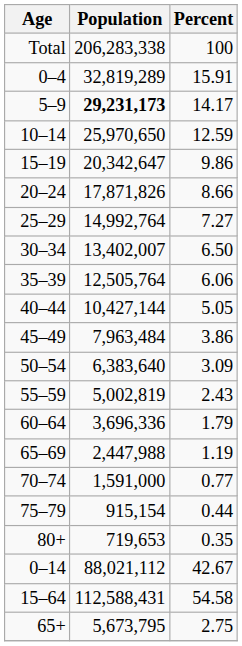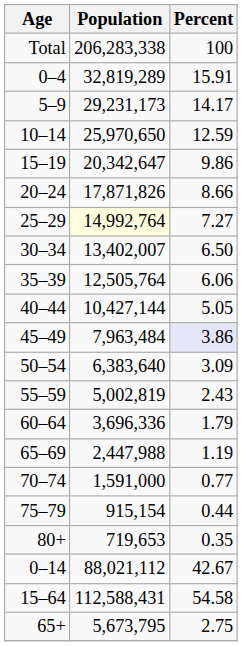 <table class="wikitable sortable">
 <tr>
 <th width="50">Age</th>
 <th width="80">Population</th>
 <th width="50">Percent</th>
 </tr>
 <tr>
 <td align="right">Total</td>
 <td align="right">206,283,338</td>
 <td align="right">100</td>
 </tr>
 <tr>
 <td align="right">0–4</td>
 <td align="right">32,819,289</td>
 <td align="right">15.91</td>
 </tr>
 <tr>
 <td align="right">5–9</td>
-<td align="right"><strong>29,231,173</strong></td>
+<td align="right">29,231,173</td>
 <td align="right">14.17</td>
 </tr>
 <tr>
 <td align="right">10–14</td>
 <td align="right">25,970,650</td>
 <td align="right">12.59</td>
 </tr>
 <tr>
 <td align="right">15–19</td>
 <td align="right">20,342,647</td>
 <td align="right">9.86</td>
 </tr>
 <tr>
 <td align="right">20–24</td>
 <td align="right">17,871,826</td>
 <td align="right">8.66</td>
 </tr>
 <tr>
 <td align="right">25–29</td>
-<td align="right">14,992,764</td>
+<td align="right" style="background: lightyellow;">14,992,764</td>
 <td align="right">7.27</td>
 </tr>
 <tr>
 <td align="right">30–34</td>
 <td align="right">13,402,007</td>
 <td align="right">6.50</td>
 </tr>
 <tr>
 <td align="right">35–39</td>
 <td align="right">12,505,764</td>
 <td align="right">6.06</td>
 </tr>
 <tr>
 <td align="right">40–44</td>
 <td align="right">10,427,144</td>
 <td align="right">5.05</td>
 </tr>
 <tr>
 <td align="right">45–49</td>
 <td align="right">7,963,484</td>
-<td align="right">3.86</td>
+<td align="right" style="background: lavender;">3.86</td>
 </tr>
 <tr>
 <td align="right">50–54</td>
 <td align="right">6,383,640</td>
 <td align="right">3.09</td>
 </tr>
 <tr>
 <td align="right">55–59</td>
 <td align="right">5,002,819</td>
 <td align="right">2.43</td>
 </tr>
 <tr>
 <td align="right">60–64</td>
 <td align="right">3,696,336</td>
 <td align="right">1.79</td>
 </tr>
 <tr>
 <td align="right">65–69</td>
 <td align="right">2,447,988</td>
 <td align="right">1.19</td>
 </tr>
 <tr>
 <td align="right">70–74</td>
 <td align="right">1,591,000</td>
 <td align="right">0.77</td>
 </tr>
 <tr>
 <td align="right">75–79</td>
 <td align="right">915,154</td>
 <td align="right">0.44</td>
 </tr>
 <tr>
 <td align="right">80+</td>
 <td align="right">719,653</td>
 <td align="right">0.35</td>
 </tr>
 <tr>
 <td align="right">0–14</td>
 <td align="right">88,021,112</td>
 <td align="right">42.67</td>
 </tr>
 <tr>
 <td align="right">15–64</td>
 <td align="right">112,588,431</td>
 <td align="right">54.58</td>
 </tr>
 <tr>
 <td align="right">65+</td>
 <td align="right">5,673,795</td>
 <td align="right">2.75</td>
 </tr>
 <tr>
 </tr>
 </table>
